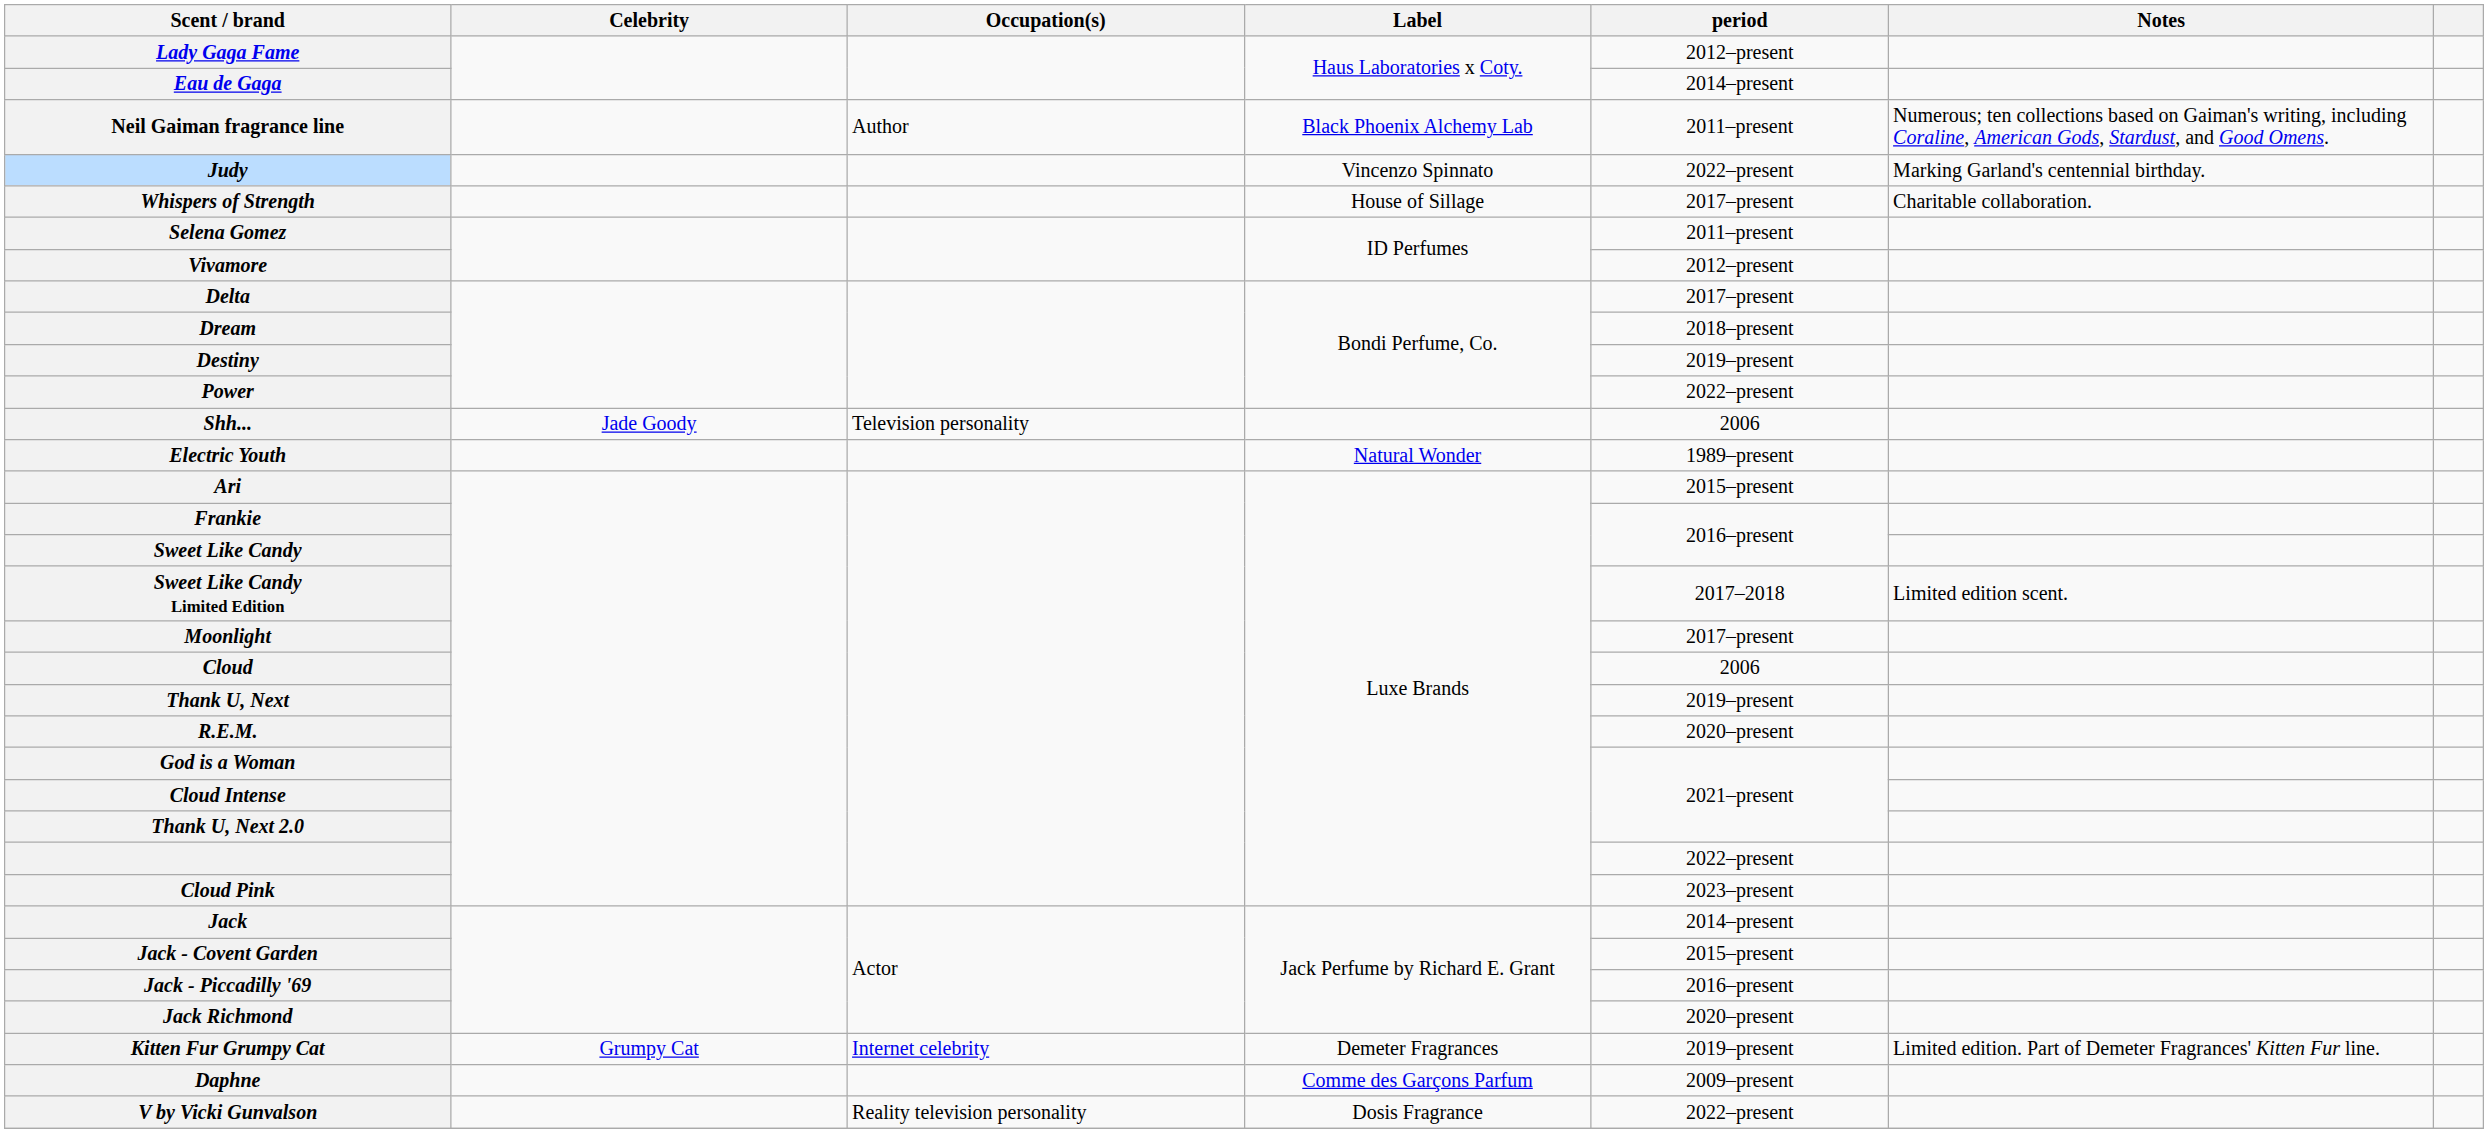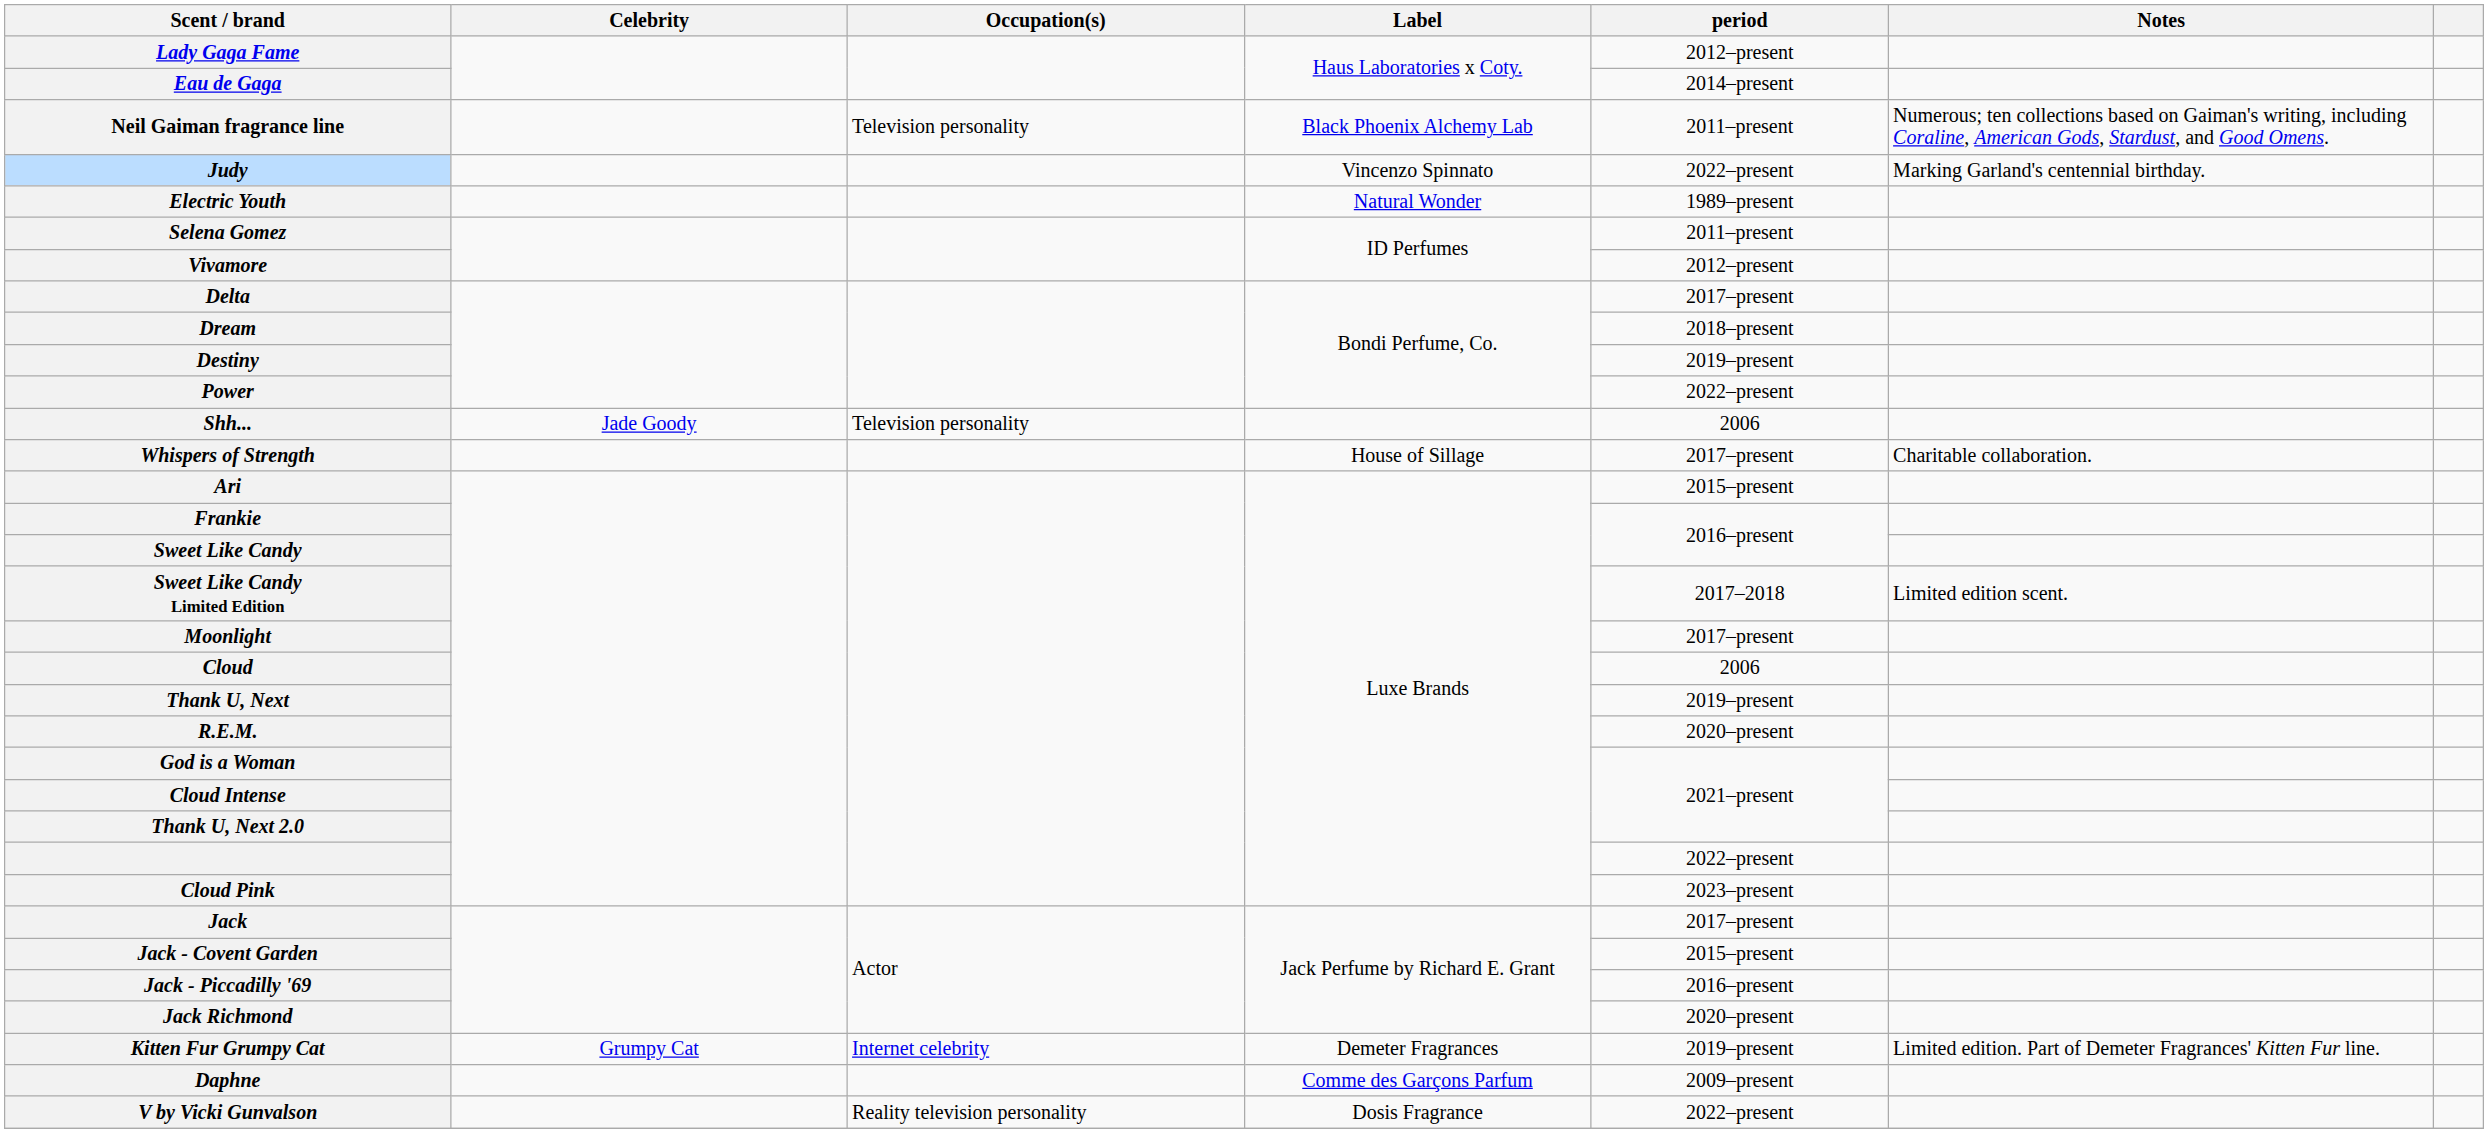 <table class="wikitable sortable plainrowheaders" font-size:95%; style="text-align:center;" width="100%;">
 <tr>
 <th scope="col" width="18%">Scent / brand</th>
 <th scope="col" width:"16%">Celebrity</th>
 <th scope="col" width="16%">Occupation(s)</th>
 <th scope="col" width="14%">Label</th>
 <th scope="col" width="12%"> period</th>
 <th scope="col" width="22%;" class="unsortable">Notes</th>
 <th scope="col" width="2%;" class="unsortable"></th>
 </tr>
 <tr>
 <th scope="row"><em><a href='#'>Lady Gaga Fame</a></em></th>
 <td rowspan="2"></td>
 <td rowspan="2"></td>
 <td rowspan="2"><a href='#'>Haus Laboratories</a> x <a href='#'>Coty.</a></td>
 <td>2012–present</td>
 <td style="text-align:left;"></td>
 <td></td>
 </tr>
 <tr>
 <th scope="row"><em><a href='#'>Eau de Gaga</a></em></th>
 <td>2014–present</td>
 <td style="text-align:left;"></td>
 <td></td>
 </tr>
 <tr>
 <th scope="row">Neil Gaiman fragrance line</th>
 <td></td>
-<td style="text-align:left;">Author</td>
+<td style="text-align:left;">Television personality</td>
 <td><a href='#'>Black Phoenix Alchemy Lab</a></td>
 <td>2011–present</td>
 <td style="text-align:left;">Numerous; ten collections based on Gaiman's writing, including <em><a href='#'>Coraline</a></em>, <em><a href='#'>American Gods</a></em>, <a href='#'><em>Stardust</em></a>, and <em><a href='#'>Good Omens</a></em>.</td>
 <td></td>
 </tr>
 <tr>
 <th style="background:#bdf;" scope="row"><em>Judy</em></th>
 <td></td>
 <td style="text-align:left;"></td>
 <td>Vincenzo Spinnato</td>
 <td>2022–present</td>
 <td style="text-align:left;">Marking Garland's centennial birthday.</td>
 <td></td>
 </tr>
 <tr>
-<th scope="row"><em>Whispers of Strength</em></th>
+<th scope="row"><em>Electric Youth</em></th>
 <td></td>
 <td style="text-align:left;"></td>
-<td>House of Sillage</td>
-<td>2017–present</td>
-<td style="text-align:left;">Charitable collaboration.</td>
+<td><a href='#'>Natural Wonder</a></td>
+<td>1989–present</td>
+<td style="text-align:left;"></td>
 <td></td>
 </tr>
 <tr>
 <th scope="row"><em>Selena Gomez</em></th>
 <td rowspan="2"></td>
 <td rowspan="2" style="text-align:left;"></td>
 <td rowspan="2">ID Perfumes</td>
 <td>2011–present</td>
 <td style="text-align:left;"></td>
 <td></td>
 </tr>
 <tr>
 <th scope="row"><em>Vivamore</em></th>
 <td>2012–present</td>
 <td style="text-align:left;"></td>
 <td></td>
 </tr>
 <tr>
 <th scope="row"><em>Delta</em></th>
 <td rowspan="4"></td>
 <td rowspan="4" style="text-align:left;"></td>
 <td rowspan="4">Bondi Perfume, Co.</td>
 <td>2017–present</td>
 <td style="text-align:left;"></td>
 <td></td>
 </tr>
 <tr>
 <th scope="row"><em>Dream</em></th>
 <td>2018–present</td>
 <td style="text-align:left;"></td>
 <td></td>
 </tr>
 <tr>
 <th scope="row"><em>Destiny</em></th>
 <td>2019–present</td>
 <td style="text-align:left;"></td>
 <td></td>
 </tr>
 <tr>
 <th scope="row"><em>Power</em></th>
 <td>2022–present</td>
 <td style="text-align:left;"></td>
 <td></td>
 </tr>
 <tr>
 <th scope="row"><em>Shh...</em></th>
 <td><a href='#'>Jade Goody</a></td>
 <td style="text-align:left;">Television personality</td>
 <td></td>
 <td>2006</td>
 <td></td>
 <td style="text-align:left;"></td>
 </tr>
 <tr>
-<th scope="row"><em>Electric Youth</em></th>
+<th scope="row"><em>Whispers of Strength</em></th>
 <td></td>
 <td style="text-align:left;"></td>
-<td><a href='#'>Natural Wonder</a></td>
-<td>1989–present</td>
-<td style="text-align:left;"></td>
+<td>House of Sillage</td>
+<td>2017–present</td>
+<td style="text-align:left;">Charitable collaboration.</td>
 <td></td>
 </tr>
 <tr>
 <th scope="row"><em>Ari</em></th>
 <td rowspan="13"></td>
 <td rowspan="13" style="text-align:left;"></td>
 <td rowspan="13">Luxe Brands</td>
 <td>2015–present</td>
 <td style="text-align:left;"></td>
 <td></td>
 </tr>
 <tr>
 <th scope="row"><em>Frankie</em></th>
 <td rowspan="2">2016–present</td>
 <td style="text-align:left;"></td>
 <td></td>
 </tr>
 <tr>
 <th scope="row"><em>Sweet Like Candy</em></th>
 <td style="text-align:left;"></td>
 <td></td>
 </tr>
 <tr>
 <th scope="row"><em>Sweet Like Candy</em><br><small>Limited Edition</small></th>
 <td>2017–2018</td>
 <td style="text-align:left;">Limited edition scent.</td>
 <td></td>
 </tr>
 <tr>
 <th scope="row"><em>Moonlight</em></th>
 <td>2017–present</td>
 <td style="text-align:left;"></td>
 <td></td>
 </tr>
 <tr>
 <th scope="row"><em>Cloud</em></th>
 <td>2006</td>
 <td style="text-align:left;"></td>
 <td></td>
 </tr>
 <tr>
 <th scope="row"><em>Thank U, Next</em></th>
 <td>2019–present</td>
 <td style="text-align:left;"></td>
 <td></td>
 </tr>
 <tr>
 <th scope="row"><em>R.E.M.</em></th>
 <td>2020–present</td>
 <td style="text-align:left;"></td>
 <td></td>
 </tr>
 <tr>
 <th scope="row"><em>God is a Woman</em></th>
 <td rowspan="3">2021–present</td>
 <td style="text-align:left;"></td>
 <td></td>
 </tr>
 <tr>
 <th scope="row"><em>Cloud Intense</em></th>
 <td style="text-align:left;"></td>
 <td></td>
 </tr>
 <tr>
 <th scope="row"><em>Thank U, Next 2.0</em></th>
 <td style="text-align:left;"></td>
 <td></td>
 </tr>
 <tr>
 <th scope="row"></th>
 <td>2022–present</td>
 <td style="text-align:left;"></td>
 <td></td>
 </tr>
 <tr>
 <th scope="row"><em>Cloud Pink</em></th>
 <td>2023–present</td>
 <td style="text-align:left;"></td>
 <td></td>
 </tr>
 <tr>
 <th scope="row"><em>Jack</em></th>
 <td rowspan="4"></td>
 <td rowspan="4" style="text-align:left;">Actor</td>
 <td rowspan="4">Jack Perfume by Richard E. Grant</td>
-<td>2014–present</td>
+<td>2017–present</td>
 <td style="text-align:left;"></td>
 <td></td>
 </tr>
 <tr>
 <th scope="row"><em>Jack - Covent Garden</em></th>
 <td>2015–present</td>
 <td style="text-align:left;"></td>
 <td></td>
 </tr>
 <tr>
 <th scope="row"><em>Jack - Piccadilly '69</em></th>
 <td>2016–present</td>
 <td style="text-align:left;"></td>
 <td></td>
 </tr>
 <tr>
 <th scope="row"><em>Jack Richmond</em></th>
 <td>2020–present</td>
 <td style="text-align:left;"></td>
 <td></td>
 </tr>
 <tr>
 <th scope="row"><em>Kitten Fur Grumpy Cat</em></th>
 <td><a href='#'>Grumpy Cat</a></td>
 <td style="text-align:left;"><a href='#'>Internet celebrity</a></td>
 <td>Demeter Fragrances</td>
 <td>2019–present</td>
 <td style="text-align:left;">Limited edition. Part of Demeter Fragrances' <em>Kitten Fur</em> line.</td>
 <td></td>
 </tr>
 <tr>
 <th scope="row"><em>Daphne</em></th>
 <td></td>
 <td style="text-align:left;"></td>
 <td><a href='#'>Comme des Garçons Parfum</a></td>
 <td>2009–present</td>
 <td style="text-align:left;"></td>
 <td></td>
 </tr>
 <tr>
 <th scope="row"><em>V by Vicki Gunvalson</em></th>
 <td></td>
 <td style="text-align:left;">Reality television personality</td>
 <td>Dosis Fragrance</td>
 <td>2022–present</td>
 <td style="text-align:left;"></td>
 <td></td>
 </tr>
 <tr>
 </tr>
 </table>
